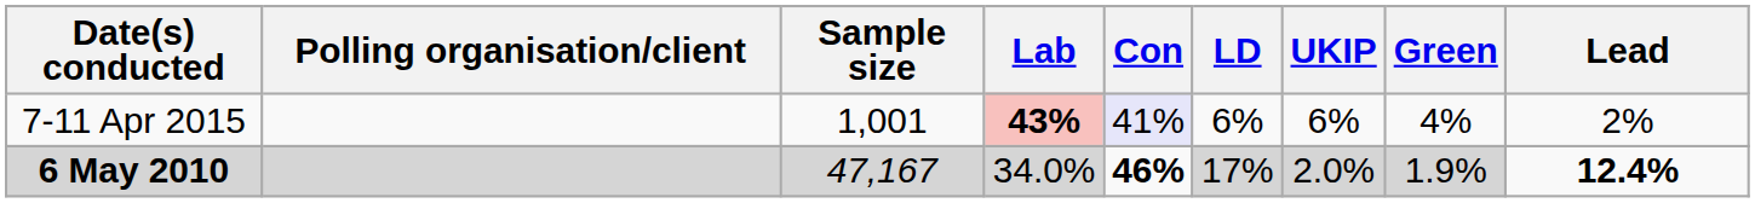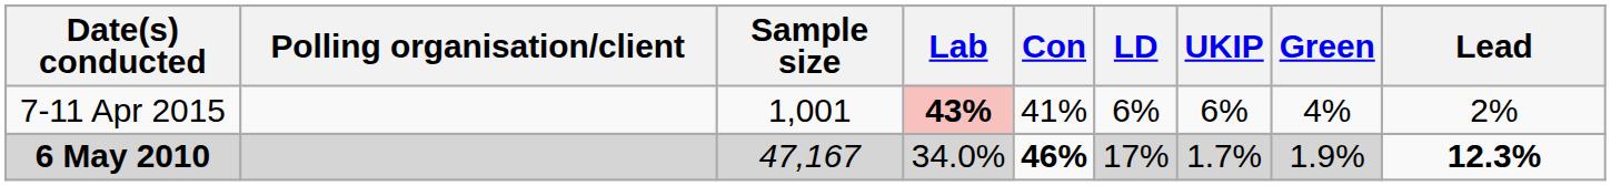 <table class="wikitable sortable" style="text-align:center;font-size:90%;line-height:14px">
 <tr>
 <th ! style="width:95px;">Date(s)<br>conducted</th>
 <th style="width:200px;">Polling organisation/client</th>
 <th class="unsortable" style="width:75px;">Sample size</th>
 <th class="unsortable" style="background:"><a href='#'><span>Lab</span></a></th>
 <th class="unsortable" style="background:"><a href='#'><span>Con</span></a></th>
 <th class="unsortable" style="background:"><a href='#'><span>LD</span></a></th>
 <th class="unsortable" style="background:"><a href='#'><span>UKIP</span></a></th>
 <th class="unsortable" style="background:"><a href='#'><span>Green</span></a></th>
 <th class="unsortable" style="width:90px;">Lead</th>
 </tr>
 <tr>
 <td>7-11 Apr 2015</td>
 <td></td>
 <td>1,001</td>
 <td style="background:#F8C1BE"><strong>43%</strong></td>
-<td style="background: lavender;">41%</td>
+<td>41%</td>
 <td>6%</td>
 <td>6%</td>
 <td>4%</td>
 <td style="background:">2%</td>
 </tr>
 <tr>
 <td style="background:#D5D5D5"><strong>6 May 2010</strong></td>
 <td style="background:#D5D5D5"></td>
 <td style="background:#D5D5D5"><em>47,167</em></td>
 <td style="background:#D5D5D5">34.0%</td>
 <td style="background:"><strong>46%</strong></td>
 <td style="background:#D5D5D5">17%</td>
-<td style="background:#D5D5D5">2.0%</td>
+<td style="background:#D5D5D5">1.7%</td>
 <td style="background:#D5D5D5">1.9%</td>
-<td style="background:"><strong>12.4% </strong></td>
+<td style="background:"><strong>12.3% </strong></td>
 </tr>
 </table>
